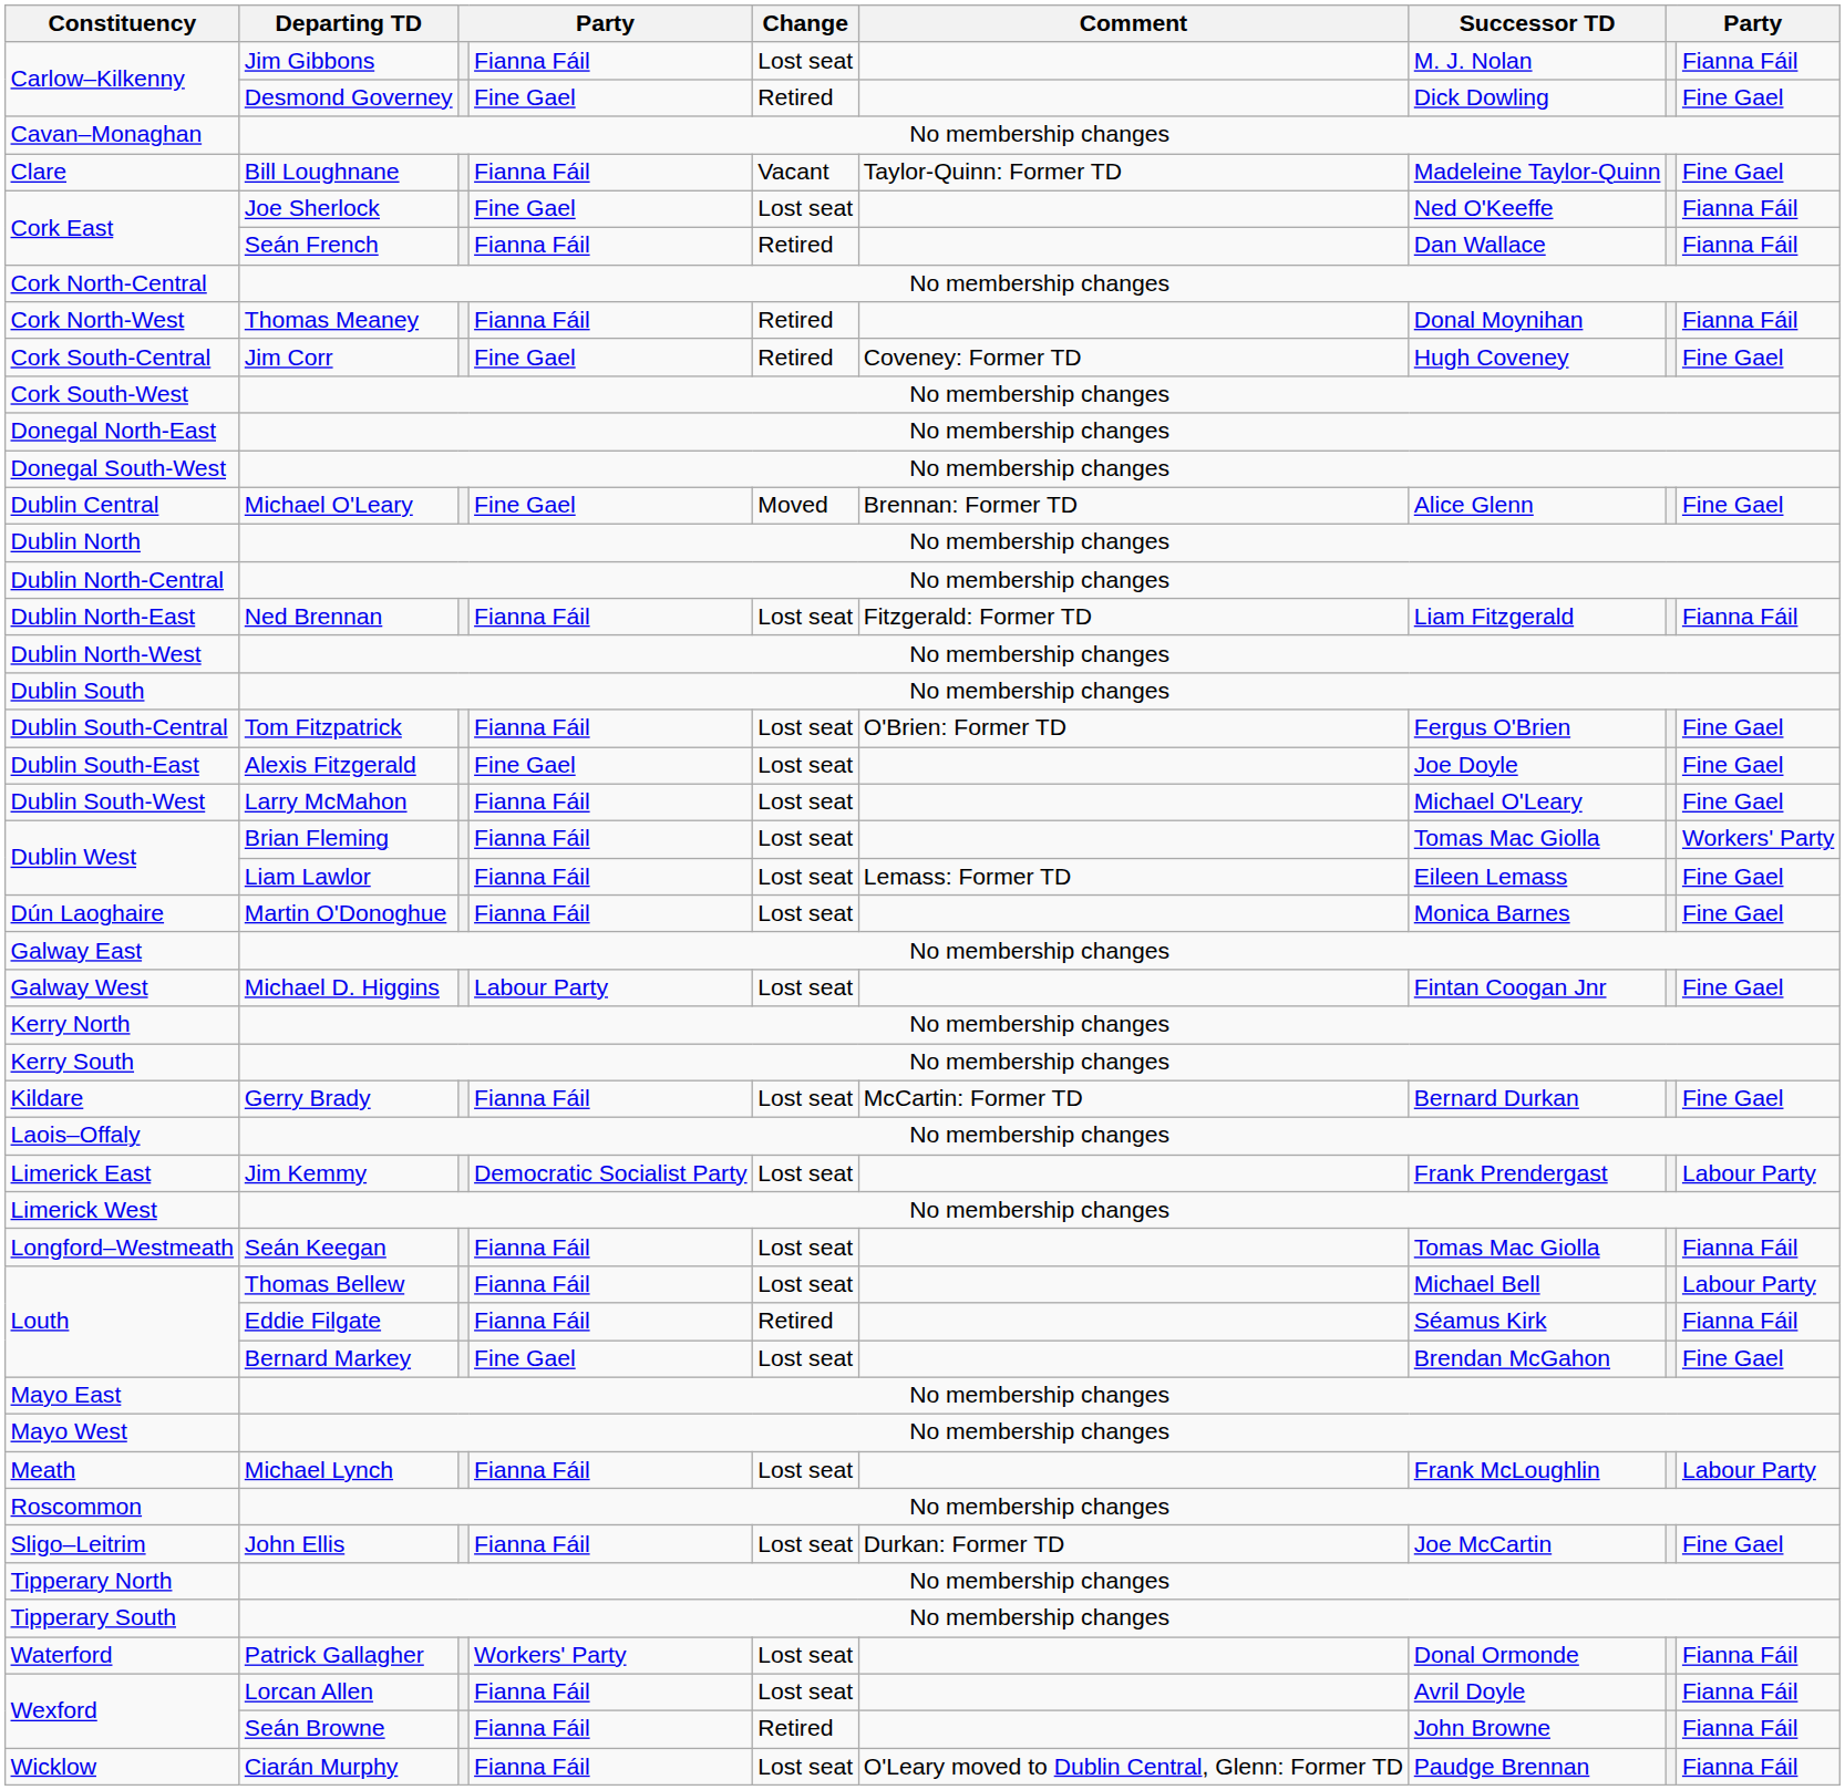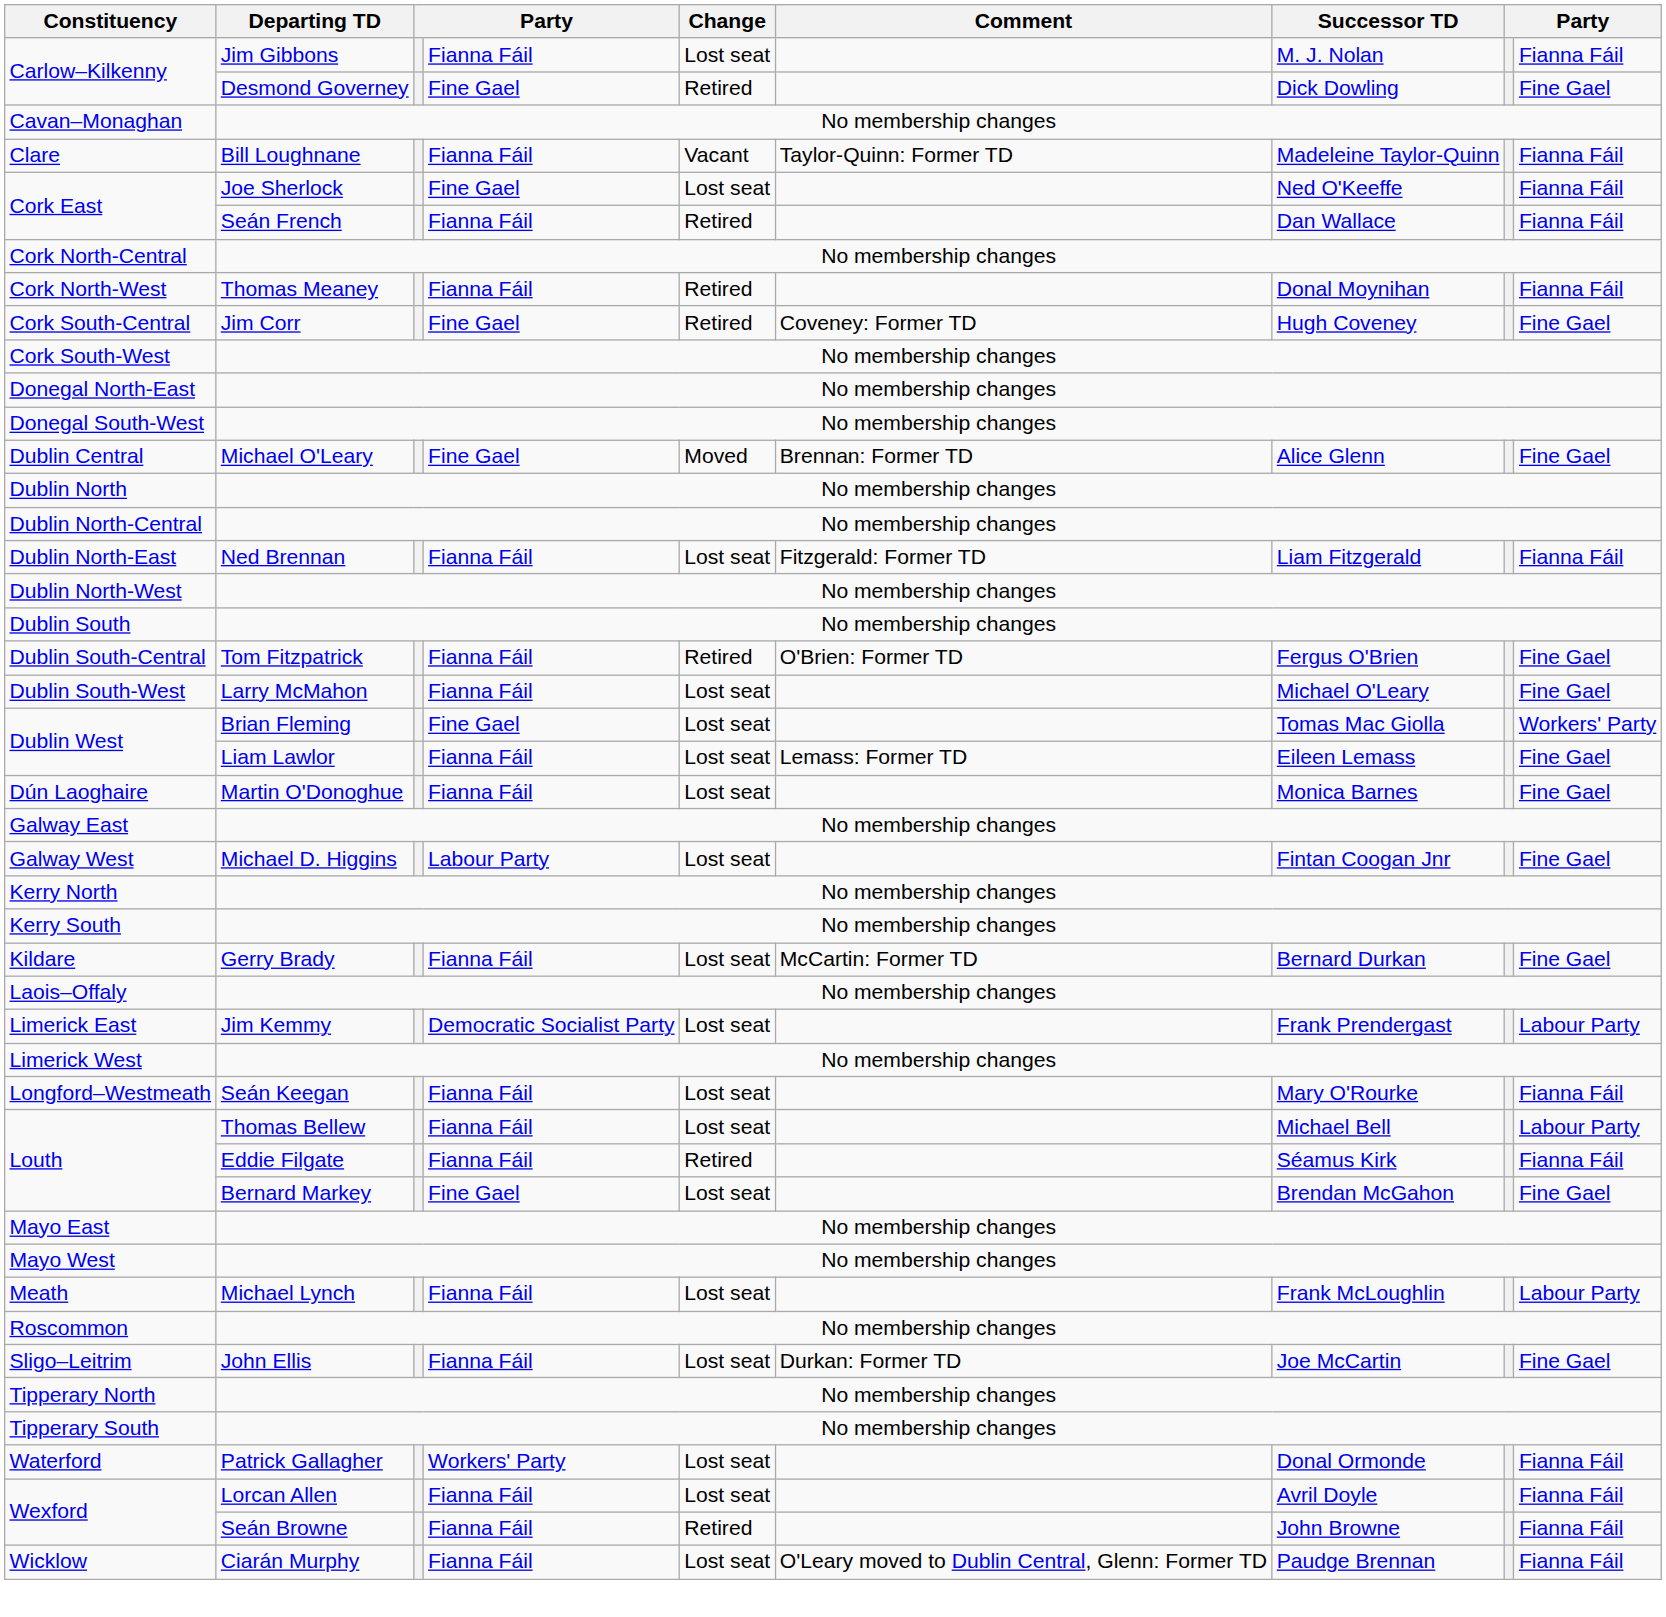 <table class="wikitable">
 <tr style="background: #efefef;">
 <th scope="col">Constituency</th>
 <th scope="col">Departing TD</th>
 <th scope="col" colspan="2">Party</th>
 <th scope="col">Change</th>
 <th scope="col">Comment</th>
 <th scope="col">Successor TD</th>
 <th scope="col" colspan="2">Party</th>
 </tr>
 <tr>
 <td rowspan=2><a href='#'>Carlow–Kilkenny</a></td>
 <td><a href='#'>Jim Gibbons</a></td>
 <th style="background-color: "></th>
 <td><a href='#'>Fianna Fáil</a></td>
 <td>Lost seat</td>
 <td></td>
 <td><a href='#'>M. J. Nolan</a></td>
 <th style="background-color: "></th>
 <td><a href='#'>Fianna Fáil</a></td>
 </tr>
 <tr>
 <td><a href='#'>Desmond Governey</a></td>
 <th style="background-color: "></th>
 <td><a href='#'>Fine Gael</a></td>
 <td>Retired</td>
 <td></td>
 <td><a href='#'>Dick Dowling</a></td>
 <th style="background-color: "></th>
 <td><a href='#'>Fine Gael</a></td>
 </tr>
 <tr>
 <td><a href='#'>Cavan–Monaghan</a></td>
 <td colspan=8 align=center>No membership changes</td>
 </tr>
 <tr>
 <td><a href='#'>Clare</a></td>
 <td><a href='#'>Bill Loughnane</a></td>
 <th style="background-color: "></th>
 <td><a href='#'>Fianna Fáil</a></td>
 <td>Vacant</td>
 <td>Taylor-Quinn: Former TD</td>
 <td><a href='#'>Madeleine Taylor-Quinn</a></td>
 <th style="background-color: "></th>
-<td><a href='#'>Fine Gael</a></td>
+<td><a href='#'>Fianna Fáil</a></td>
 </tr>
 <tr>
 <td rowspan=2><a href='#'>Cork East</a></td>
 <td><a href='#'>Joe Sherlock</a></td>
 <th style="background-color: "></th>
 <td><a href='#'>Fine Gael</a></td>
 <td>Lost seat</td>
 <td></td>
 <td><a href='#'>Ned O'Keeffe</a></td>
 <th style="background-color: "></th>
 <td><a href='#'>Fianna Fáil</a></td>
 </tr>
 <tr>
 <td><a href='#'>Seán French</a></td>
 <th style="background-color: "></th>
 <td><a href='#'>Fianna Fáil</a></td>
 <td>Retired</td>
 <td></td>
 <td><a href='#'>Dan Wallace</a></td>
 <th style="background-color: "></th>
 <td><a href='#'>Fianna Fáil</a></td>
 </tr>
 <tr>
 <td><a href='#'>Cork North-Central</a></td>
 <td colspan=8 align=center>No membership changes</td>
 </tr>
 <tr>
 <td><a href='#'>Cork North-West</a></td>
 <td><a href='#'>Thomas Meaney</a></td>
 <th style="background-color: "></th>
 <td><a href='#'>Fianna Fáil</a></td>
 <td>Retired</td>
 <td></td>
 <td><a href='#'>Donal Moynihan</a></td>
 <th style="background-color: "></th>
 <td><a href='#'>Fianna Fáil</a></td>
 </tr>
 <tr>
 <td><a href='#'>Cork South-Central</a></td>
 <td><a href='#'>Jim Corr</a></td>
 <th style="background-color: "></th>
 <td><a href='#'>Fine Gael</a></td>
 <td>Retired</td>
 <td>Coveney: Former TD</td>
 <td><a href='#'>Hugh Coveney</a></td>
 <th style="background-color: "></th>
 <td><a href='#'>Fine Gael</a></td>
 </tr>
 <tr>
 <td><a href='#'>Cork South-West</a></td>
 <td colspan=8 align=center>No membership changes</td>
 </tr>
 <tr>
 <td><a href='#'>Donegal North-East</a></td>
 <td colspan=8 align=center>No membership changes</td>
 </tr>
 <tr>
 <td><a href='#'>Donegal South-West</a></td>
 <td colspan=8 align=center>No membership changes</td>
 </tr>
 <tr>
 <td><a href='#'>Dublin Central</a></td>
 <td><a href='#'>Michael O'Leary</a></td>
 <th style="background-color: "></th>
 <td><a href='#'>Fine Gael</a></td>
 <td>Moved</td>
 <td>Brennan: Former TD</td>
 <td><a href='#'>Alice Glenn</a></td>
 <th style="background-color: "></th>
 <td><a href='#'>Fine Gael</a></td>
 </tr>
 <tr>
 <td><a href='#'>Dublin North</a></td>
 <td colspan=8 align=center>No membership changes</td>
 </tr>
 <tr>
 <td><a href='#'>Dublin North-Central</a></td>
 <td colspan=8 align=center>No membership changes</td>
 </tr>
 <tr>
 <td><a href='#'>Dublin North-East</a></td>
 <td><a href='#'>Ned Brennan</a></td>
 <th style="background-color: "></th>
 <td><a href='#'>Fianna Fáil</a></td>
 <td>Lost seat</td>
 <td>Fitzgerald: Former TD</td>
 <td><a href='#'>Liam Fitzgerald</a></td>
 <th style="background-color: "></th>
 <td><a href='#'>Fianna Fáil</a></td>
 </tr>
 <tr>
 <td><a href='#'>Dublin North-West</a></td>
 <td colspan=8 align=center>No membership changes</td>
 </tr>
 <tr>
 <td><a href='#'>Dublin South</a></td>
 <td colspan=8 align=center>No membership changes</td>
 </tr>
 <tr>
 <td><a href='#'>Dublin South-Central</a></td>
 <td><a href='#'>Tom Fitzpatrick</a></td>
 <th style="background-color: "></th>
 <td><a href='#'>Fianna Fáil</a></td>
-<td>Lost seat</td>
+<td>Retired</td>
 <td>O'Brien: Former TD</td>
 <td><a href='#'>Fergus O'Brien</a></td>
-<th style="background-color: "></th>
-<td><a href='#'>Fine Gael</a></td>
-</tr>
-<tr>
-<td><a href='#'>Dublin South-East</a></td>
-<td><a href='#'>Alexis Fitzgerald</a></td>
-<th style="background-color: "></th>
-<td><a href='#'>Fine Gael</a></td>
-<td>Lost seat</td>
-<td></td>
-<td><a href='#'>Joe Doyle</a></td>
 <th style="background-color: "></th>
 <td><a href='#'>Fine Gael</a></td>
 </tr>
 <tr>
 <td><a href='#'>Dublin South-West</a></td>
 <td><a href='#'>Larry McMahon</a></td>
 <th style="background-color: "></th>
 <td><a href='#'>Fianna Fáil</a></td>
 <td>Lost seat</td>
 <td></td>
 <td><a href='#'>Michael O'Leary</a></td>
 <th style="background-color: "></th>
 <td><a href='#'>Fine Gael</a></td>
 </tr>
 <tr>
 <td rowspan=2><a href='#'>Dublin West</a></td>
 <td><a href='#'>Brian Fleming</a></td>
 <th style="background-color: "></th>
-<td><a href='#'>Fianna Fáil</a></td>
+<td><a href='#'>Fine Gael</a></td>
 <td>Lost seat</td>
 <td></td>
 <td><a href='#'>Tomas Mac Giolla</a></td>
 <th style="background-color: "></th>
 <td><a href='#'>Workers' Party</a></td>
 </tr>
 <tr>
 <td><a href='#'>Liam Lawlor</a></td>
 <th style="background-color: "></th>
 <td><a href='#'>Fianna Fáil</a></td>
 <td>Lost seat</td>
 <td>Lemass: Former TD</td>
 <td><a href='#'>Eileen Lemass</a></td>
 <th style="background-color: "></th>
 <td><a href='#'>Fine Gael</a></td>
 </tr>
 <tr>
 <td><a href='#'>Dún Laoghaire</a></td>
 <td><a href='#'>Martin O'Donoghue</a></td>
 <th style="background-color: "></th>
 <td><a href='#'>Fianna Fáil</a></td>
 <td>Lost seat</td>
 <td></td>
 <td><a href='#'>Monica Barnes</a></td>
 <th style="background-color: "></th>
 <td><a href='#'>Fine Gael</a></td>
 </tr>
 <tr>
 <td><a href='#'>Galway East</a></td>
 <td colspan=8 align=center>No membership changes</td>
 </tr>
 <tr>
 <td><a href='#'>Galway West</a></td>
 <td><a href='#'>Michael D. Higgins</a></td>
 <th style="background-color: "></th>
 <td><a href='#'>Labour Party</a></td>
 <td>Lost seat</td>
 <td></td>
 <td><a href='#'>Fintan Coogan Jnr</a></td>
 <th style="background-color: "></th>
 <td><a href='#'>Fine Gael</a></td>
 </tr>
 <tr>
 <td><a href='#'>Kerry North</a></td>
 <td colspan=8 align=center>No membership changes</td>
 </tr>
 <tr>
 <td><a href='#'>Kerry South</a></td>
 <td colspan=8 align=center>No membership changes</td>
 </tr>
 <tr>
 <td><a href='#'>Kildare</a></td>
 <td><a href='#'>Gerry Brady</a></td>
 <th style="background-color: "></th>
 <td><a href='#'>Fianna Fáil</a></td>
 <td>Lost seat</td>
 <td>McCartin: Former TD</td>
 <td><a href='#'>Bernard Durkan</a></td>
 <th style="background-color: "></th>
 <td><a href='#'>Fine Gael</a></td>
 </tr>
 <tr>
 <td><a href='#'>Laois–Offaly</a></td>
 <td colspan=8 align=center>No membership changes</td>
 </tr>
 <tr>
 <td><a href='#'>Limerick East</a></td>
 <td><a href='#'>Jim Kemmy</a></td>
 <th style="background-color: "></th>
 <td><a href='#'>Democratic Socialist Party</a></td>
 <td>Lost seat</td>
 <td></td>
 <td><a href='#'>Frank Prendergast</a></td>
 <th style="background-color: "></th>
 <td><a href='#'>Labour Party</a></td>
 </tr>
 <tr>
 <td><a href='#'>Limerick West</a></td>
 <td colspan=8 align=center>No membership changes</td>
 </tr>
 <tr>
 <td><a href='#'>Longford–Westmeath</a></td>
 <td><a href='#'>Seán Keegan</a></td>
 <th style="background-color: "></th>
 <td><a href='#'>Fianna Fáil</a></td>
 <td>Lost seat</td>
 <td></td>
-<td><a href='#'>Tomas Mac Giolla</a></td>
+<td><a href='#'>Mary O'Rourke</a></td>
 <th style="background-color: "></th>
 <td><a href='#'>Fianna Fáil</a></td>
 </tr>
 <tr>
 <td rowspan=3><a href='#'>Louth</a></td>
 <td><a href='#'>Thomas Bellew</a></td>
 <th style="background-color: "></th>
 <td><a href='#'>Fianna Fáil</a></td>
 <td>Lost seat</td>
 <td></td>
 <td><a href='#'>Michael Bell</a></td>
 <th style="background-color: "></th>
 <td><a href='#'>Labour Party</a></td>
 </tr>
 <tr>
 <td><a href='#'>Eddie Filgate</a></td>
 <th style="background-color: "></th>
 <td><a href='#'>Fianna Fáil</a></td>
 <td>Retired</td>
 <td></td>
 <td><a href='#'>Séamus Kirk</a></td>
 <th style="background-color: "></th>
 <td><a href='#'>Fianna Fáil</a></td>
 </tr>
 <tr>
 <td><a href='#'>Bernard Markey</a></td>
 <th style="background-color: "></th>
 <td><a href='#'>Fine Gael</a></td>
 <td>Lost seat</td>
 <td></td>
 <td><a href='#'>Brendan McGahon</a></td>
 <th style="background-color: "></th>
 <td><a href='#'>Fine Gael</a></td>
 </tr>
 <tr>
 <td><a href='#'>Mayo East</a></td>
 <td colspan=8 align=center>No membership changes</td>
 </tr>
 <tr>
 <td><a href='#'>Mayo West</a></td>
 <td colspan=8 align=center>No membership changes</td>
 </tr>
 <tr>
 <td><a href='#'>Meath</a></td>
 <td><a href='#'>Michael Lynch</a></td>
 <th style="background-color: "></th>
 <td><a href='#'>Fianna Fáil</a></td>
 <td>Lost seat</td>
 <td></td>
 <td><a href='#'>Frank McLoughlin</a></td>
 <th style="background-color: "></th>
 <td><a href='#'>Labour Party</a></td>
 </tr>
 <tr>
 <td><a href='#'>Roscommon</a></td>
 <td colspan=8 align=center>No membership changes</td>
 </tr>
 <tr>
 <td><a href='#'>Sligo–Leitrim</a></td>
 <td><a href='#'>John Ellis</a></td>
 <th style="background-color: "></th>
 <td><a href='#'>Fianna Fáil</a></td>
 <td>Lost seat</td>
 <td>Durkan: Former TD</td>
 <td><a href='#'>Joe McCartin</a></td>
 <th style="background-color: "></th>
 <td><a href='#'>Fine Gael</a></td>
 </tr>
 <tr>
 <td><a href='#'>Tipperary North</a></td>
 <td colspan=8 align=center>No membership changes</td>
 </tr>
 <tr>
 <td><a href='#'>Tipperary South</a></td>
 <td colspan=8 align=center>No membership changes</td>
 </tr>
 <tr>
 <td><a href='#'>Waterford</a></td>
 <td><a href='#'>Patrick Gallagher</a></td>
 <th style="background-color: "></th>
 <td><a href='#'>Workers' Party</a></td>
 <td>Lost seat</td>
 <td></td>
 <td><a href='#'>Donal Ormonde</a></td>
 <th style="background-color: "></th>
 <td><a href='#'>Fianna Fáil</a></td>
 </tr>
 <tr>
 <td rowspan=2><a href='#'>Wexford</a></td>
 <td><a href='#'>Lorcan Allen</a></td>
 <th style="background-color: "></th>
 <td><a href='#'>Fianna Fáil</a></td>
 <td>Lost seat</td>
 <td></td>
 <td><a href='#'>Avril Doyle</a></td>
 <th style="background-color: "></th>
 <td><a href='#'>Fianna Fáil</a></td>
 </tr>
 <tr>
 <td><a href='#'>Seán Browne</a></td>
 <th style="background-color: "></th>
 <td><a href='#'>Fianna Fáil</a></td>
 <td>Retired</td>
 <td></td>
 <td><a href='#'>John Browne</a></td>
 <th style="background-color: "></th>
 <td><a href='#'>Fianna Fáil</a></td>
 </tr>
 <tr>
 <td><a href='#'>Wicklow</a></td>
 <td><a href='#'>Ciarán Murphy</a></td>
 <th style="background-color: "></th>
 <td><a href='#'>Fianna Fáil</a></td>
 <td>Lost seat</td>
 <td>O'Leary moved to <a href='#'>Dublin Central</a>, Glenn: Former TD</td>
 <td><a href='#'>Paudge Brennan</a></td>
 <th style="background-color: "></th>
 <td><a href='#'>Fianna Fáil</a></td>
 </tr>
 </table>
